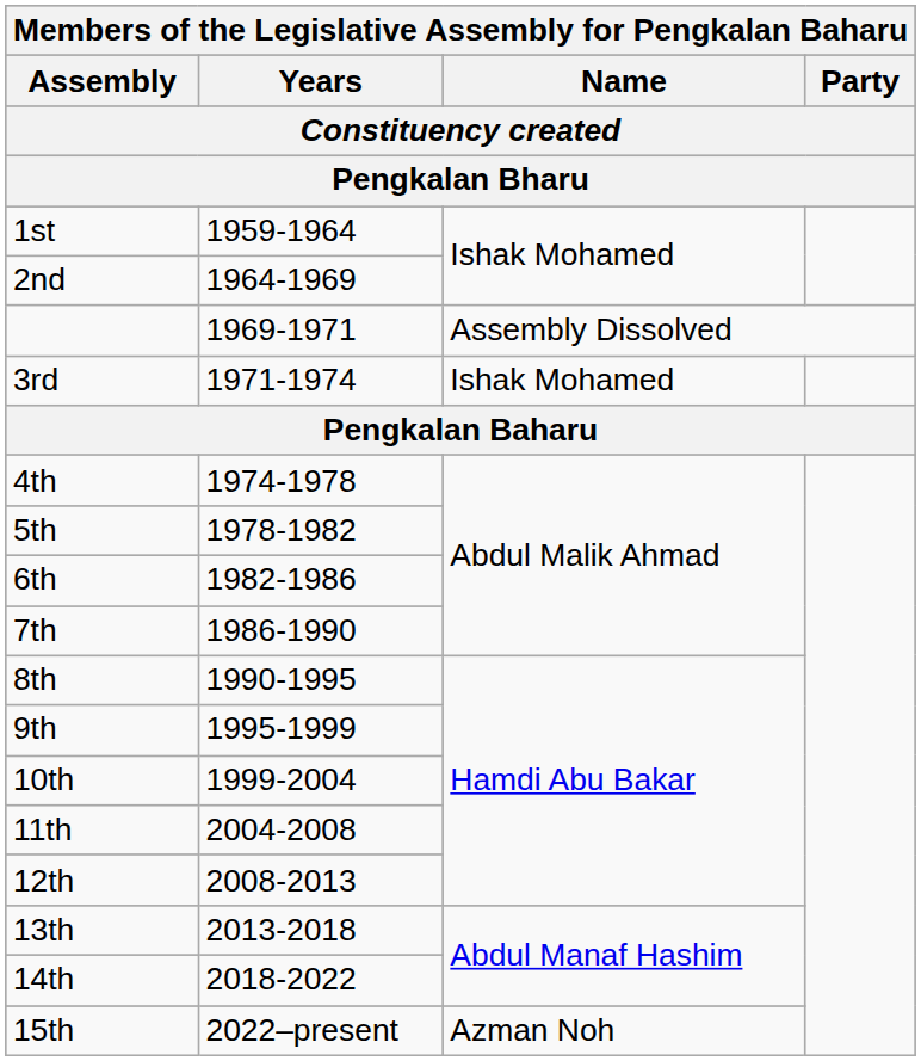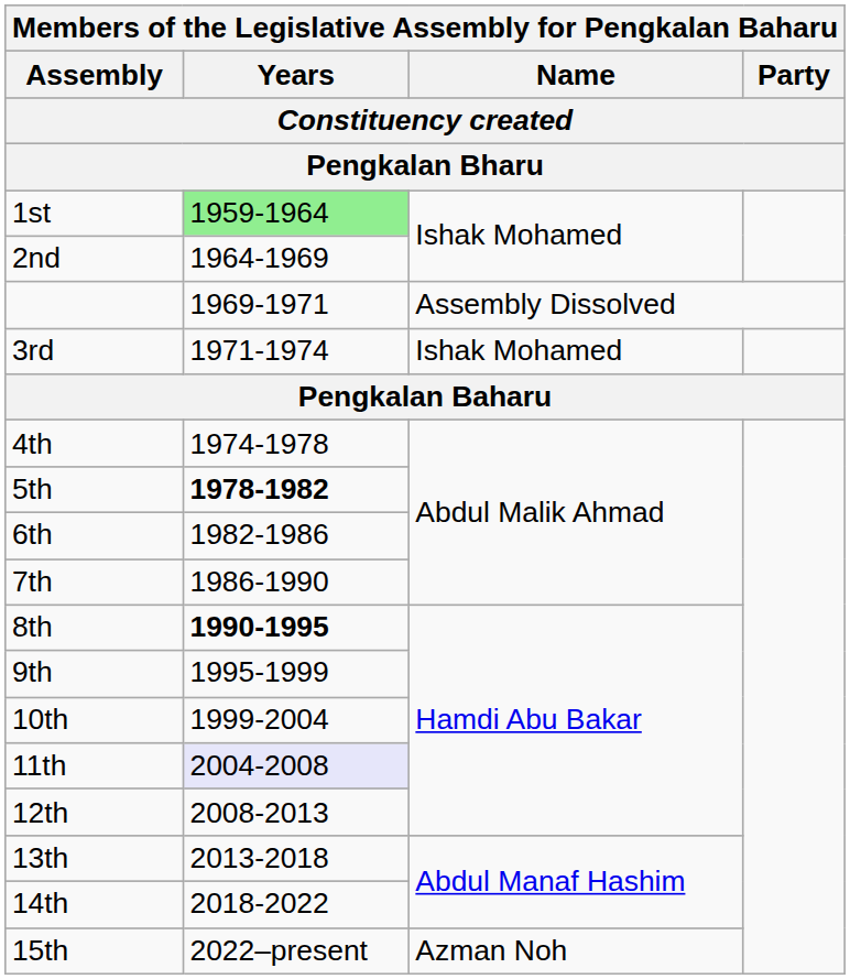 <table class="wikitable">
 <tr>
 <th colspan="4">Members of the Legislative Assembly for Pengkalan Baharu</th>
 </tr>
 <tr>
 <th>Assembly</th>
 <th>Years</th>
 <th>Name</th>
 <th>Party</th>
 </tr>
 <tr>
 <th colspan="4"><em>Constituency created</em></th>
 </tr>
 <tr>
 <th colspan="4">Pengkalan Bharu</th>
 </tr>
 <tr>
 <td>1st</td>
-<td>1959-1964</td>
+<td style="background: lightgreen;">1959-1964</td>
 <td rowspan="2">Ishak Mohamed</td>
 <td rowspan="2"></td>
 </tr>
 <tr>
 <td>2nd</td>
 <td>1964-1969</td>
 </tr>
 <tr>
 <td></td>
 <td>1969-1971</td>
 <td colspan="2">Assembly Dissolved</td>
 </tr>
 <tr>
 <td>3rd</td>
 <td>1971-1974</td>
 <td>Ishak Mohamed</td>
 <td></td>
 </tr>
 <tr>
 <th colspan="4">Pengkalan Baharu</th>
 </tr>
 <tr>
 <td>4th</td>
 <td>1974-1978</td>
 <td rowspan="4">Abdul Malik Ahmad</td>
 <td rowspan="12"></td>
 </tr>
 <tr>
 <td>5th</td>
-<td>1978-1982</td>
+<td><strong>1978-1982</strong></td>
 </tr>
 <tr>
 <td>6th</td>
 <td>1982-1986</td>
 </tr>
 <tr>
 <td>7th</td>
 <td>1986-1990</td>
 </tr>
 <tr>
 <td>8th</td>
-<td>1990-1995</td>
+<td><strong>1990-1995</strong></td>
 <td rowspan="5"><a href='#'>Hamdi Abu Bakar</a></td>
 </tr>
 <tr>
 <td>9th</td>
 <td>1995-1999</td>
 </tr>
 <tr>
 <td>10th</td>
 <td>1999-2004</td>
 </tr>
 <tr>
 <td>11th</td>
-<td>2004-2008</td>
+<td style="background: lavender;">2004-2008</td>
 </tr>
 <tr>
 <td>12th</td>
 <td>2008-2013</td>
 </tr>
 <tr>
 <td>13th</td>
 <td>2013-2018</td>
 <td rowspan="2"><a href='#'>Abdul Manaf Hashim</a></td>
 </tr>
 <tr>
 <td>14th</td>
 <td>2018-2022</td>
 </tr>
 <tr>
 <td>15th</td>
 <td>2022–present</td>
 <td>Azman Noh</td>
 </tr>
 </table>
